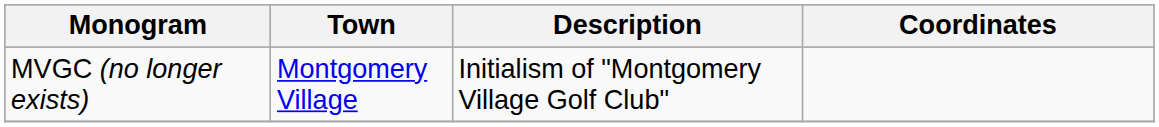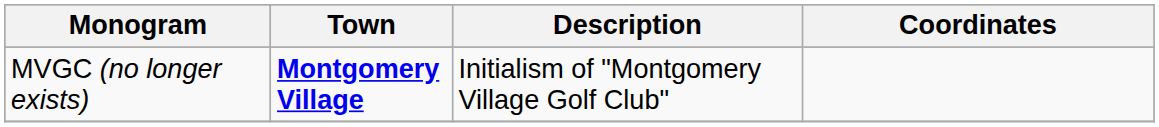 <table class="wikitable sortable" style="border:1px solid #aaa; border-collapse:collapse">
 <tr>
 <th scope="col" width="150">Monogram</th>
 <th scope="col" width="100">Town</th>
 <th scope="col" width="200">Description</th>
 <th scope="col" width="200">Coordinates</th>
 </tr>
 <tr>
 <td>MVGC <em>(no longer exists)</em></td>
-<td><a href='#'>Montgomery Village</a></td>
+<td><strong><a href='#'>Montgomery Village</a></strong></td>
 <td>Initialism of "Montgomery Village Golf Club"</td>
 <td></td>
 </tr>
 <tr>
 </tr>
 </table>
